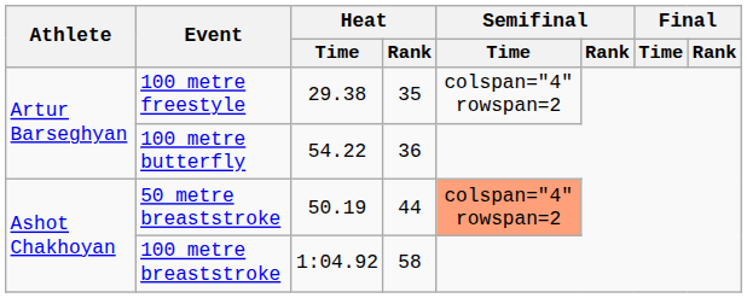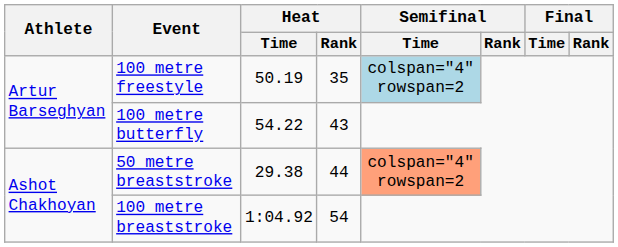 <table class="wikitable" style="text-align:center; font-size:90%; width:50%;">
 <tr>
 <th rowspan="2">Athlete</th>
 <th rowspan="2">Event</th>
 <th colspan="2">Heat</th>
 <th colspan="2">Semifinal</th>
 <th colspan="2">Final</th>
 </tr>
 <tr style="font-size:95%">
 <th>Time</th>
 <th>Rank</th>
 <th>Time</th>
 <th>Rank</th>
 <th>Time</th>
 <th>Rank</th>
 </tr>
 <tr>
 <td align=left rowspan=2><a href='#'>Artur Barseghyan</a></td>
 <td align=left><a href='#'>100 metre freestyle</a></td>
-<td>29.38</td>
+<td>50.19</td>
 <td>35</td>
-<td>colspan="4" rowspan=2</td>
+<td style="background: lightblue;">colspan="4" rowspan=2</td>
 </tr>
 <tr>
 <td align=left><a href='#'>100 metre butterfly</a></td>
 <td>54.22</td>
-<td>36</td>
+<td>43</td>
 </tr>
 <tr>
 <td align=left rowspan=2><a href='#'>Ashot Chakhoyan</a></td>
 <td align=left><a href='#'>50 metre breaststroke</a></td>
-<td>50.19</td>
+<td>29.38</td>
 <td>44</td>
 <td style="background: lightsalmon;">colspan="4" rowspan=2</td>
 </tr>
 <tr>
 <td align=left><a href='#'>100 metre breaststroke</a></td>
 <td>1:04.92</td>
-<td>58</td>
+<td>54</td>
 </tr>
 </table>
